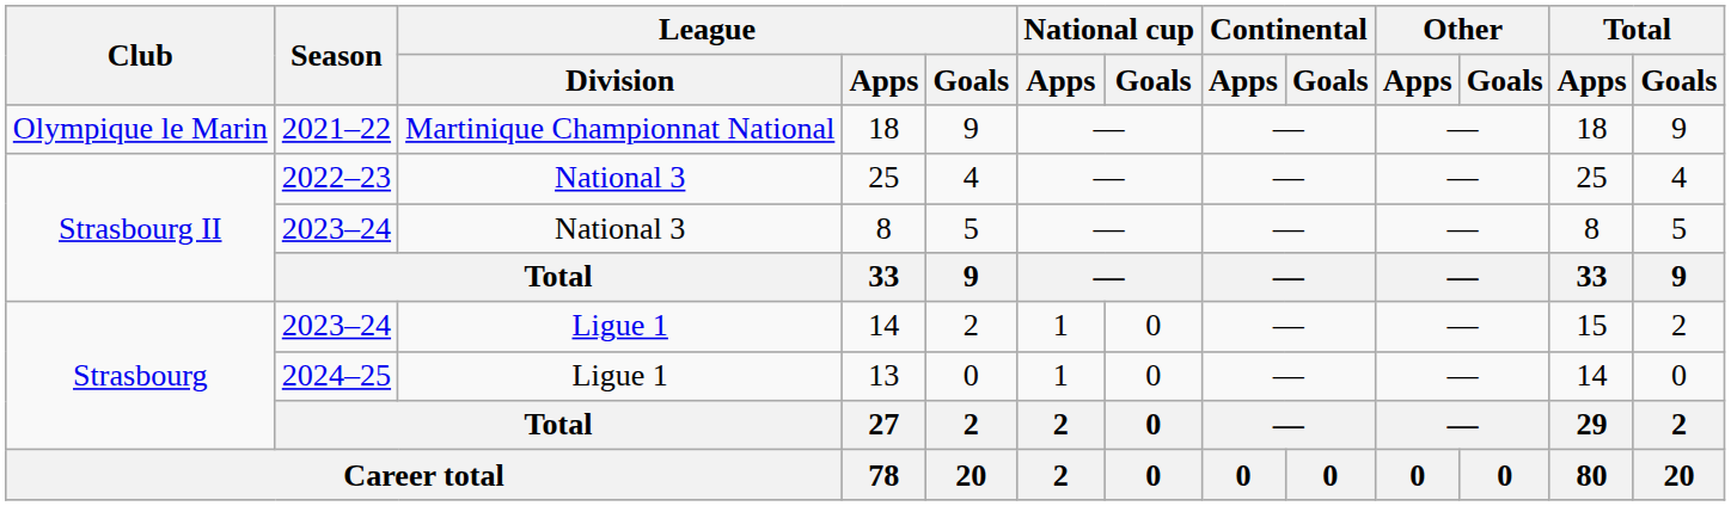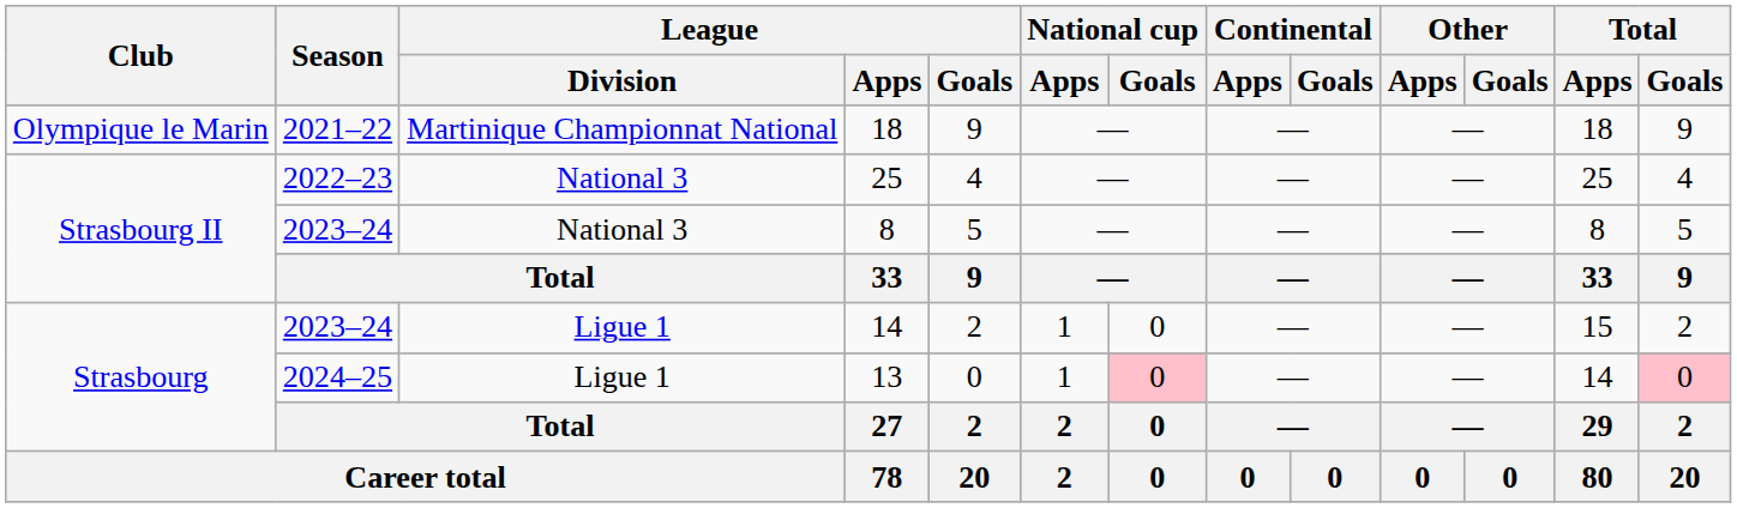 <table class="wikitable" style="text-align: center">
 <tr>
 <th rowspan="2">Club</th>
 <th rowspan="2">Season</th>
 <th colspan="3">League</th>
 <th colspan="2">National cup</th>
 <th colspan="2">Continental</th>
 <th colspan="2">Other</th>
 <th colspan="2">Total</th>
 </tr>
 <tr>
 <th>Division</th>
 <th>Apps</th>
 <th>Goals</th>
 <th>Apps</th>
 <th>Goals</th>
 <th>Apps</th>
 <th>Goals</th>
 <th>Apps</th>
 <th>Goals</th>
 <th>Apps</th>
 <th>Goals</th>
 </tr>
 <tr>
 <td><a href='#'>Olympique le Marin</a></td>
 <td><a href='#'>2021–22</a></td>
 <td><a href='#'>Martinique Championnat National</a></td>
 <td>18</td>
 <td>9</td>
 <td colspan="2">—</td>
 <td colspan="2">—</td>
 <td colspan="2">—</td>
 <td>18</td>
 <td>9</td>
 </tr>
 <tr>
 <td rowspan="3"><a href='#'>Strasbourg II</a></td>
 <td><a href='#'>2022–23</a></td>
 <td><a href='#'>National 3</a></td>
 <td>25</td>
 <td>4</td>
 <td colspan="2">—</td>
 <td colspan="2">—</td>
 <td colspan="2">—</td>
 <td>25</td>
 <td>4</td>
 </tr>
 <tr>
 <td><a href='#'>2023–24</a></td>
 <td>National 3</td>
 <td>8</td>
 <td>5</td>
 <td colspan="2">—</td>
 <td colspan="2">—</td>
 <td colspan="2">—</td>
 <td>8</td>
 <td>5</td>
 </tr>
 <tr>
 <th colspan="2">Total</th>
 <th>33</th>
 <th>9</th>
 <th colspan="2">—</th>
 <th colspan="2">—</th>
 <th colspan="2">—</th>
 <th>33</th>
 <th>9</th>
 </tr>
 <tr>
 <td rowspan="3"><a href='#'>Strasbourg</a></td>
 <td><a href='#'>2023–24</a></td>
 <td><a href='#'>Ligue 1</a></td>
 <td>14</td>
 <td>2</td>
 <td>1</td>
 <td>0</td>
 <td colspan="2">—</td>
 <td colspan="2">—</td>
 <td>15</td>
 <td>2</td>
 </tr>
 <tr>
 <td><a href='#'>2024–25</a></td>
 <td>Ligue 1</td>
 <td>13</td>
 <td>0</td>
 <td>1</td>
-<td>0</td>
+<td style="background: pink;">0</td>
 <td colspan="2">—</td>
 <td colspan="2">—</td>
 <td>14</td>
-<td>0</td>
+<td style="background: pink;">0</td>
 </tr>
 <tr>
 <th colspan="2">Total</th>
 <th>27</th>
 <th>2</th>
 <th>2</th>
 <th>0</th>
 <th colspan="2">—</th>
 <th colspan="2">—</th>
 <th>29</th>
 <th>2</th>
 </tr>
 <tr>
 <th colspan="3">Career total</th>
 <th>78</th>
 <th>20</th>
 <th>2</th>
 <th>0</th>
 <th>0</th>
 <th>0</th>
 <th>0</th>
 <th>0</th>
 <th>80</th>
 <th>20</th>
 </tr>
 </table>
